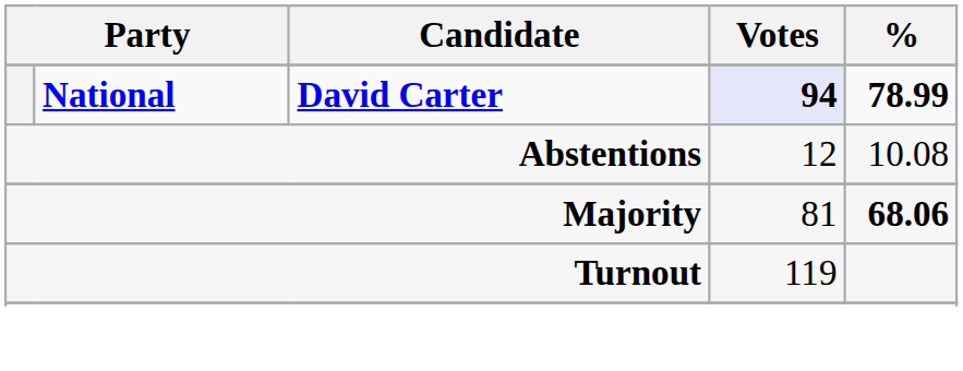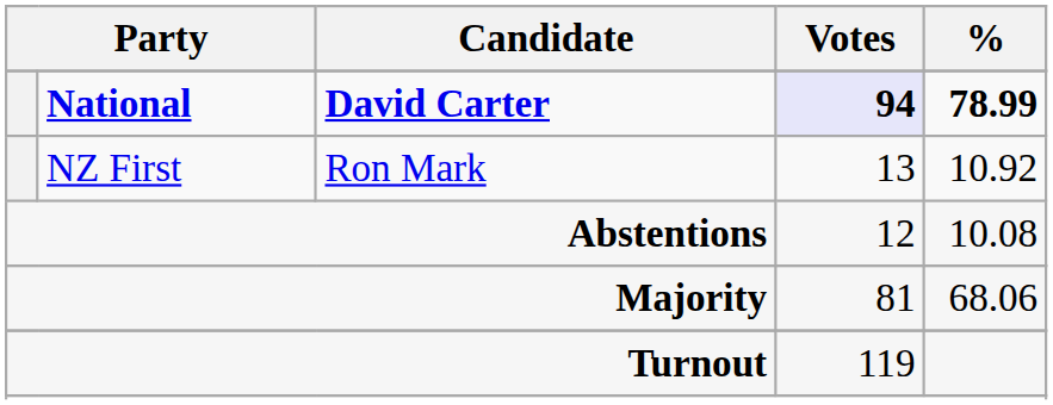 <table class="wikitable" style="font-size: 95%;">
 <tr style="background-color:#E9E9E9">
 <th colspan="2" style="width: 100px">Party</th>
 <th style="width: 170px">Candidate</th>
 <th style="width: 50px">Votes</th>
 <th style="width: 40px">%</th>
 </tr>
 <tr>
 </tr>
 <tr>
 <th width=5 style="background-color: "></th>
 <td style="width: 100px"><strong><a href='#'>National</a></strong></td>
 <td style="width: 170px"><strong><a href='#'>David Carter</a></strong></td>
 <td align="right" style="background: lavender;"><strong>94</strong></td>
 <td align="right"><strong>78.99</strong></td>
 </tr>
+<tr>
+<th style="background-color: "></th>
+<td style="width: 100px"><a href='#'>NZ First</a></td>
+<td style="width: 170px"><a href='#'>Ron Mark</a></td>
+<td align="right">13</td>
+<td align="right">10.92</td>
+</tr>
 <tr style="background-color:#F6F6F6">
 <td colspan="3" align="right"><strong>Abstentions</strong></td>
 <td align="right">12</td>
 <td align="right">10.08</td>
 </tr>
 <tr>
 </tr>
 <tr style="background-color:#F6F6F6">
 <td colspan="3" align="right"><strong>Majority</strong></td>
 <td align="right">81</td>
-<td align="right"><strong>68.06</strong></td>
+<td align="right">68.06</td>
 </tr>
 <tr>
 </tr>
 <tr style="background-color:#F6F6F6">
 <td colspan="3" align="right"><strong>Turnout</strong></td>
 <td align="right">119</td>
 <td></td>
 </tr>
 <tr>
 </tr>
 <tr style="background-color:#F6F6F6">
 </tr>
 </table>
